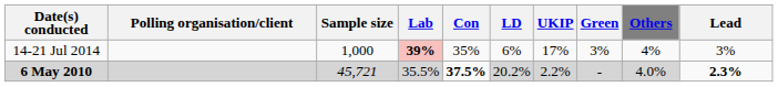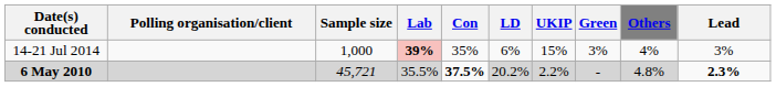 <table class="wikitable sortable" style="text-align:center;font-size:90%;line-height:14px">
 <tr>
 <th ! style="width:95px;">Date(s)<br>conducted</th>
 <th style="width:200px;">Polling organisation/client</th>
 <th class="unsortable" style="width:75px;">Sample size</th>
 <th class="unsortable" style="background:"><a href='#'><span>Lab</span></a></th>
 <th class="unsortable" style="background:"><a href='#'><span>Con</span></a></th>
 <th class="unsortable" style="background:"><a href='#'><span>LD</span></a></th>
 <th class="unsortable" style="background:"><a href='#'><span>UKIP</span></a></th>
 <th class="unsortable" style="background:"><a href='#'><span>Green</span></a></th>
 <th class="unsortable" style="background:gray; width:50px;"><a href='#'><span>Others</span></a></th>
 <th class="unsortable" style="width:85px;">Lead</th>
 </tr>
 <tr>
 <td>14-21 Jul 2014</td>
 <td></td>
 <td>1,000</td>
 <td style="background:#F8C1BE"><strong>39%</strong></td>
 <td>35%</td>
 <td>6%</td>
-<td>17%</td>
+<td>15%</td>
 <td>3%</td>
 <td>4%</td>
 <td style="background:">3%</td>
 </tr>
 <tr>
 <td style="background:#D5D5D5"><strong>6 May 2010</strong></td>
 <td style="background:#D5D5D5"></td>
 <td style="background:#D5D5D5"><em>45,721</em></td>
 <td style="background:#D5D5D5">35.5%</td>
 <td style="background:"><strong>37.5%</strong></td>
 <td style="background:#D5D5D5">20.2%</td>
 <td style="background:#D5D5D5">2.2%</td>
 <td style="background:#D5D5D5">-</td>
-<td style="background:#D5D5D5">4.0%</td>
+<td style="background:#D5D5D5">4.8%</td>
 <td style="background:"><strong>2.3% </strong></td>
 </tr>
 </table>
